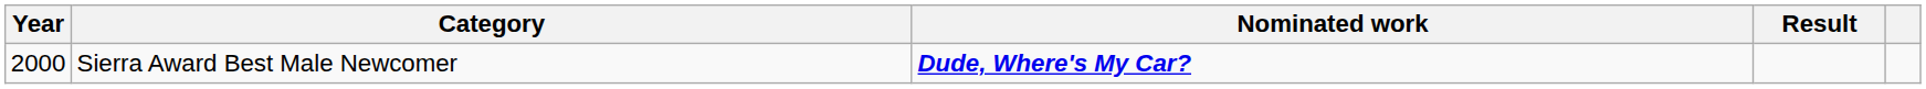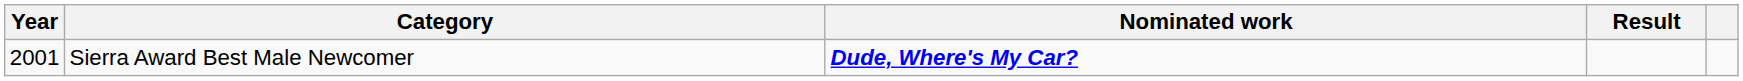 <table class="wikitable">
 <tr>
 <th scope="col" style="width:1em;">Year</th>
 <th scope="col" style="width:35em;">Category</th>
 <th scope="col" style="width:35em;">Nominated work</th>
 <th scope="col" style="width:5em;">Result</th>
 <th scope="col" style="width:1em;"></th>
 </tr>
 <tr>
-<td>2000</td>
+<td>2001</td>
 <td>Sierra Award Best Male Newcomer</td>
 <td><strong><em><a href='#'>Dude, Where's My Car?</a></em></strong></td>
 <td></td>
 <td style="text-align:center;"></td>
 </tr>
 </table>
